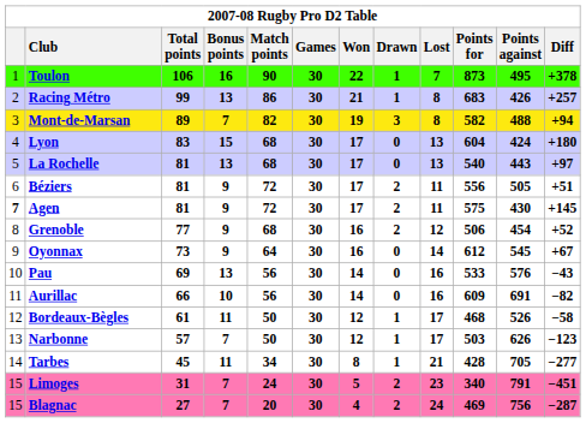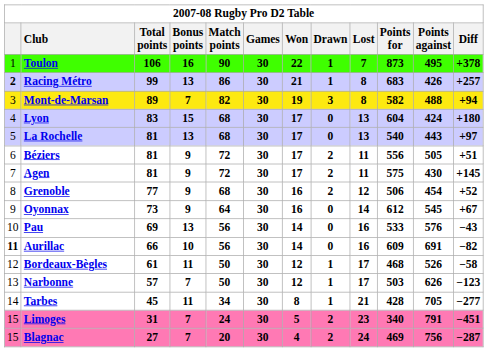 <table class="wikitable" style="float:left; margin-right:15px; text-align: center;">
 <tr>
 <td colspan="12" bgcolor="#FFFFFF" cellpadding="0" cellspacing="0"><strong>2007-08 Rugby Pro D2 Table</strong></td>
 </tr>
 <tr>
 <th bgcolor="#efefef" width="10"></th>
 <th bgcolor="#efefef" style="text-align:left" width="150">Club</th>
 <th bgcolor="#efefef" width="20">Total points</th>
 <th bgcolor="#efefef" width="20">Bonus points</th>
 <th bgcolor="#efefef" width="20">Match points</th>
 <th bgcolor="#efefef" width="20">Games</th>
 <th bgcolor="#efefef" width="20">Won</th>
 <th bgcolor="#efefef" width="20">Drawn</th>
 <th bgcolor="#efefef" width="20">Lost</th>
 <th bgcolor="#efefef" width="20">Points for</th>
 <th bgcolor="#efefef" width="20">Points against</th>
 <th bgcolor="#efefef" width="20">Diff</th>
 </tr>
 <tr bgcolor=#3fff00 align=center>
 <td>1</td>
 <td align=left><strong><a href='#'>Toulon</a></strong></td>
 <td><strong>106</strong></td>
 <td><strong>16</strong></td>
 <td><strong>90</strong></td>
 <td><strong>30</strong></td>
 <td><strong>22</strong></td>
 <td><strong>1</strong></td>
 <td><strong>7</strong></td>
 <td><strong>873</strong></td>
 <td><strong>495</strong></td>
 <td><strong>+378</strong></td>
 </tr>
 <tr bgcolor=#ccccff align=center>
-<td>2</td>
+<td><strong>2</strong></td>
 <td align=left><strong><a href='#'>Racing Métro</a></strong></td>
 <td><strong>99</strong></td>
 <td><strong>13</strong></td>
 <td><strong>86</strong></td>
 <td><strong>30</strong></td>
 <td><strong>21</strong></td>
 <td><strong>1</strong></td>
 <td><strong>8</strong></td>
 <td><strong>683</strong></td>
 <td><strong>426</strong></td>
 <td><strong>+257</strong></td>
 </tr>
 <tr bgcolor=#fde910 align=center>
 <td>3</td>
 <td align=left><strong><a href='#'>Mont-de-Marsan</a></strong></td>
 <td><strong>89</strong></td>
 <td><strong>7</strong></td>
 <td><strong>82</strong></td>
 <td><strong>30</strong></td>
 <td><strong>19</strong></td>
 <td><strong>3</strong></td>
 <td><strong>8</strong></td>
 <td><strong>582</strong></td>
 <td><strong>488</strong></td>
 <td><strong>+94</strong></td>
 </tr>
 <tr bgcolor=#ccccff align=center>
 <td>4</td>
 <td align=left><strong><a href='#'>Lyon</a></strong></td>
 <td><strong>83</strong></td>
 <td><strong>15</strong></td>
 <td><strong>68</strong></td>
 <td><strong>30</strong></td>
 <td><strong>17</strong></td>
 <td><strong>0</strong></td>
 <td><strong>13</strong></td>
 <td><strong>604</strong></td>
 <td><strong>424</strong></td>
 <td><strong>+180</strong></td>
 </tr>
 <tr bgcolor=#ccccff align=center>
 <td>5</td>
 <td align=left><strong><a href='#'>La Rochelle</a></strong></td>
 <td><strong>81</strong></td>
 <td><strong>13</strong></td>
 <td><strong>68</strong></td>
 <td><strong>30</strong></td>
 <td><strong>17</strong></td>
 <td><strong>0</strong></td>
 <td><strong>13</strong></td>
 <td><strong>540</strong></td>
 <td><strong>443</strong></td>
 <td><strong>+97</strong></td>
 </tr>
 <tr bgcolor=#ffffff align=center>
 <td>6</td>
 <td align=left><strong><a href='#'>Béziers</a></strong></td>
 <td><strong>81</strong></td>
 <td><strong>9</strong></td>
 <td><strong>72</strong></td>
 <td><strong>30</strong></td>
 <td><strong>17</strong></td>
 <td><strong>2</strong></td>
 <td><strong>11</strong></td>
 <td><strong>556</strong></td>
 <td><strong>505</strong></td>
 <td><strong>+51</strong></td>
 </tr>
 <tr bgcolor=#ffffff align=center>
-<td><strong>7</strong></td>
+<td>7</td>
 <td align=left><strong><a href='#'>Agen</a></strong></td>
 <td><strong>81</strong></td>
 <td><strong>9</strong></td>
 <td><strong>72</strong></td>
 <td><strong>30</strong></td>
 <td><strong>17</strong></td>
 <td><strong>2</strong></td>
 <td><strong>11</strong></td>
 <td><strong>575</strong></td>
 <td><strong>430</strong></td>
 <td><strong>+145</strong></td>
 </tr>
 <tr bgcolor=#ffffff align=center>
 <td>8</td>
 <td align=left><strong><a href='#'>Grenoble</a></strong></td>
 <td><strong>77</strong></td>
 <td><strong>9</strong></td>
 <td><strong>68</strong></td>
 <td><strong>30</strong></td>
 <td><strong>16</strong></td>
 <td><strong>2</strong></td>
 <td><strong>12</strong></td>
 <td><strong>506</strong></td>
 <td><strong>454</strong></td>
 <td><strong>+52</strong></td>
 </tr>
 <tr bgcolor=#ffffff align=center>
 <td>9</td>
 <td align=left><strong><a href='#'>Oyonnax</a></strong></td>
 <td><strong>73</strong></td>
 <td><strong>9</strong></td>
 <td><strong>64</strong></td>
 <td><strong>30</strong></td>
 <td><strong>16</strong></td>
 <td><strong>0</strong></td>
 <td><strong>14</strong></td>
 <td><strong>612</strong></td>
 <td><strong>545</strong></td>
 <td><strong>+67</strong></td>
 </tr>
 <tr bgcolor=#ffffff align=center>
 <td>10</td>
 <td align=left><strong><a href='#'>Pau</a></strong></td>
 <td><strong>69</strong></td>
 <td><strong>13</strong></td>
 <td><strong>56</strong></td>
 <td><strong>30</strong></td>
 <td><strong>14</strong></td>
 <td><strong>0</strong></td>
 <td><strong>16</strong></td>
 <td><strong>533</strong></td>
 <td><strong>576</strong></td>
 <td><strong>−43</strong></td>
 </tr>
 <tr bgcolor=#ffffff align=center>
-<td>11</td>
+<td><strong>11</strong></td>
 <td align=left><strong><a href='#'>Aurillac</a></strong></td>
 <td><strong>66</strong></td>
 <td><strong>10</strong></td>
 <td><strong>56</strong></td>
 <td><strong>30</strong></td>
 <td><strong>14</strong></td>
 <td><strong>0</strong></td>
 <td><strong>16</strong></td>
 <td><strong>609</strong></td>
 <td><strong>691</strong></td>
 <td><strong>−82</strong></td>
 </tr>
 <tr bgcolor=#ffffff align=center>
 <td>12</td>
 <td align=left><strong><a href='#'>Bordeaux-Bègles</a></strong></td>
 <td><strong>61</strong></td>
 <td><strong>11</strong></td>
 <td><strong>50</strong></td>
 <td><strong>30</strong></td>
 <td><strong>12</strong></td>
 <td><strong>1</strong></td>
 <td><strong>17</strong></td>
 <td><strong>468</strong></td>
 <td><strong>526</strong></td>
 <td><strong>−58</strong></td>
 </tr>
 <tr bgcolor=#ffffff align=center>
 <td>13</td>
 <td align=left><strong><a href='#'>Narbonne</a></strong></td>
 <td><strong>57</strong></td>
 <td><strong>7</strong></td>
 <td><strong>50</strong></td>
 <td><strong>30</strong></td>
 <td><strong>12</strong></td>
 <td><strong>1</strong></td>
 <td><strong>17</strong></td>
 <td><strong>503</strong></td>
 <td><strong>626</strong></td>
 <td><strong>−123</strong></td>
 </tr>
 <tr bgcolor=#ffffff align=center>
 <td>14</td>
 <td align=left><strong><a href='#'>Tarbes</a></strong></td>
 <td><strong>45</strong></td>
 <td><strong>11</strong></td>
 <td><strong>34</strong></td>
 <td><strong>30</strong></td>
 <td><strong>8</strong></td>
 <td><strong>1</strong></td>
 <td><strong>21</strong></td>
 <td><strong>428</strong></td>
 <td><strong>705</strong></td>
 <td><strong>−277</strong></td>
 </tr>
 <tr bgcolor=#ff79b4 align=center>
 <td>15</td>
 <td align=left><strong><a href='#'>Limoges</a></strong></td>
 <td><strong>31</strong></td>
 <td><strong>7</strong></td>
 <td><strong>24</strong></td>
 <td><strong>30</strong></td>
 <td><strong>5</strong></td>
 <td><strong>2</strong></td>
 <td><strong>23</strong></td>
 <td><strong>340</strong></td>
 <td><strong>791</strong></td>
 <td><strong>−451</strong></td>
 </tr>
 <tr bgcolor=#ff79b4 align=center>
 <td>15</td>
 <td align=left><strong><a href='#'>Blagnac</a></strong></td>
 <td><strong>27</strong></td>
 <td><strong>7</strong></td>
 <td><strong>20</strong></td>
 <td><strong>30</strong></td>
 <td><strong>4</strong></td>
 <td><strong>2</strong></td>
 <td><strong>24</strong></td>
 <td><strong>469</strong></td>
 <td><strong>756</strong></td>
 <td><strong>−287</strong></td>
 </tr>
 </table>
